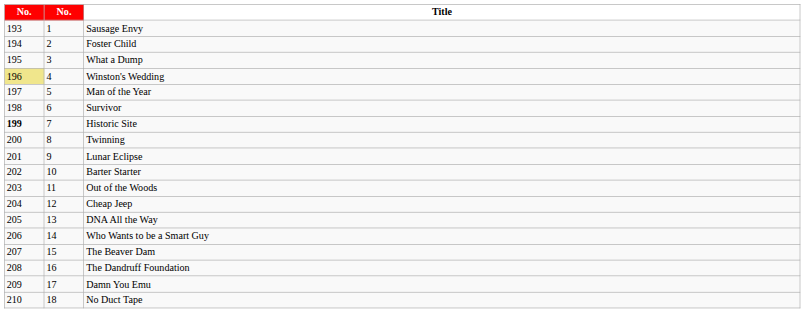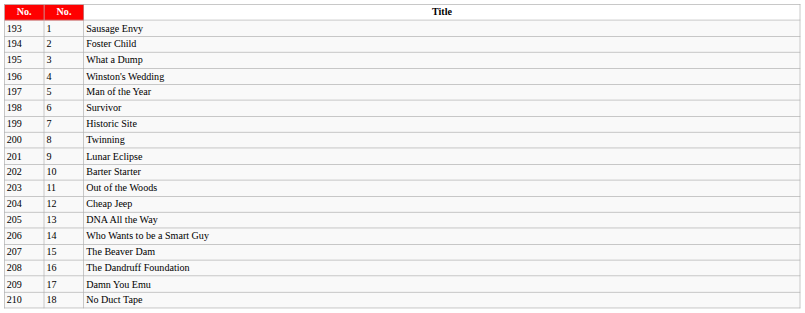 <table class="wikitable plainrowheaders" style="width:100%; margin:auto;">
 <tr>
 <th style="background:red; color:#FFFFFF; width:5%">No.</th>
 <th style="background:red; color:#FFFFFF; width:5%">No.</th>
 <th style="background:white; color:#black">Title</th>
 </tr>
 <tr>
 <td>193</td>
 <td>1</td>
 <td>Sausage Envy</td>
 </tr>
 <tr>
 <td>194</td>
 <td>2</td>
 <td>Foster Child</td>
 </tr>
 <tr>
 <td>195</td>
 <td>3</td>
 <td>What a Dump</td>
 </tr>
 <tr>
-<td style="background: khaki;">196</td>
+<td>196</td>
 <td>4</td>
 <td>Winston's Wedding</td>
 </tr>
 <tr>
 <td>197</td>
 <td>5</td>
 <td>Man of the Year</td>
 </tr>
 <tr>
 <td>198</td>
 <td>6</td>
 <td>Survivor</td>
 </tr>
 <tr>
-<td><strong>199</strong></td>
+<td>199</td>
 <td>7</td>
 <td>Historic Site</td>
 </tr>
 <tr>
 <td>200</td>
 <td>8</td>
 <td>Twinning</td>
 </tr>
 <tr>
 <td>201</td>
 <td>9</td>
 <td>Lunar Eclipse</td>
 </tr>
 <tr>
 <td>202</td>
 <td>10</td>
 <td>Barter Starter</td>
 </tr>
 <tr>
 <td>203</td>
 <td>11</td>
 <td>Out of the Woods</td>
 </tr>
 <tr>
 <td>204</td>
 <td>12</td>
 <td>Cheap Jeep</td>
 </tr>
 <tr>
 <td>205</td>
 <td>13</td>
 <td>DNA All the Way</td>
 </tr>
 <tr>
 <td>206</td>
 <td>14</td>
 <td>Who Wants to be a Smart Guy</td>
 </tr>
 <tr>
 <td>207</td>
 <td>15</td>
 <td>The Beaver Dam</td>
 </tr>
 <tr>
 <td>208</td>
 <td>16</td>
 <td>The Dandruff Foundation</td>
 </tr>
 <tr>
 <td>209</td>
 <td>17</td>
 <td>Damn You Emu</td>
 </tr>
 <tr>
 <td>210</td>
 <td>18</td>
 <td>No Duct Tape</td>
 </tr>
 </table>
